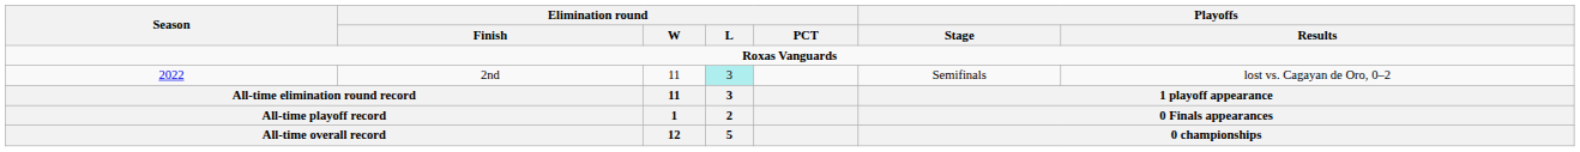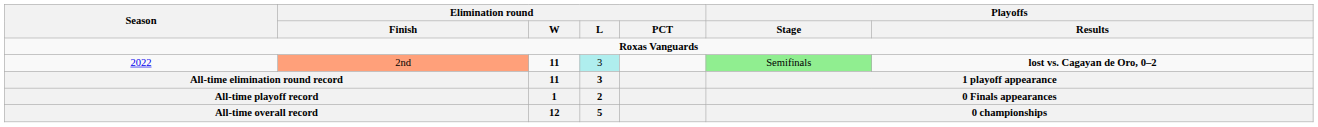 <table class=wikitable style="width:100%; text-align:center">
 <tr>
 <th rowspan=2>Season</th>
 <th colspan=4>Elimination round</th>
 <th colspan=2>Playoffs</th>
 </tr>
 <tr>
 <th>Finish</th>
 <th>W</th>
 <th>L</th>
 <th>PCT</th>
 <th>Stage</th>
 <th>Results</th>
 </tr>
 <tr>
 <td colspan=10><span><strong>Roxas Vanguards</strong></span></td>
 </tr>
 <tr>
 <td><a href='#'>2022</a> <br> </td>
-<td>2nd</td>
-<td>11</td>
+<td style="background: lightsalmon;">2nd</td>
+<td><strong>11</strong></td>
 <td style="background: paleturquoise;">3</td>
 <td></td>
-<td>Semifinals <br> </td>
-<td>lost vs. Cagayan de Oro, 0–2 <br> </td>
+<td style="background: lightgreen;">Semifinals <br> </td>
+<td><strong>lost vs. Cagayan de Oro, 0–2 <br> </strong></td>
 </tr>
 <tr>
 <th colspan=2>All-time elimination round record</th>
 <th>11</th>
 <th>3</th>
 <th></th>
 <th colspan=2>1 playoff appearance</th>
 </tr>
 <tr>
 <th colspan=2>All-time playoff record</th>
 <th>1</th>
 <th>2</th>
 <th></th>
 <th colspan=2>0 Finals appearances</th>
 </tr>
 <tr>
 <th colspan=2>All-time overall record</th>
 <th>12</th>
 <th>5</th>
 <th></th>
 <th colspan=2>0 championships</th>
 </tr>
 </table>
